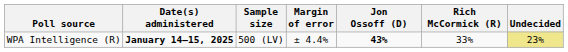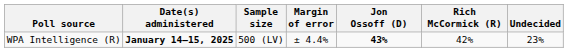 <table class="wikitable" style="font-size:90%;text-align:center;">
 <tr valign=bottom>
 <th>Poll source</th>
 <th>Date(s)<br>administered</th>
 <th>Sample<br>size</th>
 <th>Margin<br>of error</th>
 <th style="width:100px;">Jon<br>Ossoff (D)</th>
 <th style="width:100px;">Rich<br>McCormick (R)</th>
 <th>Undecided</th>
 </tr>
 <tr>
 <td style="text-align:left;">WPA Intelligence (R)</td>
 <td><strong>January 14–15, 2025</strong></td>
 <td>500 (LV)</td>
 <td>± 4.4%</td>
 <td style="background-color:"><strong>43%</strong></td>
-<td>33%</td>
-<td style="background: khaki;">23%</td>
+<td>42%</td>
+<td>23%</td>
 </tr>
 </table>
